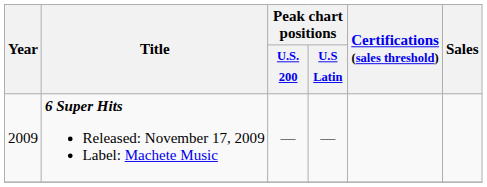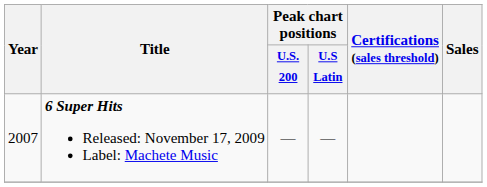 <table class="wikitable">
 <tr>
 <th rowspan="2">Year</th>
 <th rowspan="2">Title</th>
 <th colspan="2">Peak chart positions</th>
 <th rowspan=2><a href='#'>Certifications</a><br><small>(<a href='#'>sales threshold</a>)</small></th>
 <th rowspan=2>Sales</th>
 </tr>
 <tr>
 <th width="35"><sup><a href='#'>U.S.<br>200</a></sup></th>
 <th width="35"><sup><a href='#'>U.S<br>Latin</a></sup></th>
 </tr>
 <tr>
-<td>2009</td>
+<td>2007</td>
 <td><strong><em>6 Super Hits</em></strong><br><ul><li>Released: November 17, 2009</li><li>Label: <a href='#'>Machete Music</a></li></ul></td>
 <td align="center">—</td>
 <td align="center">—</td>
 <td></td>
 <td></td>
 </tr>
 <tr>
 </tr>
 </table>
